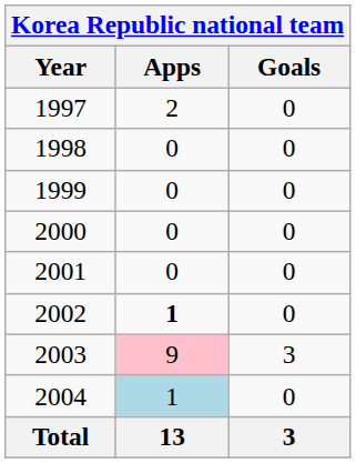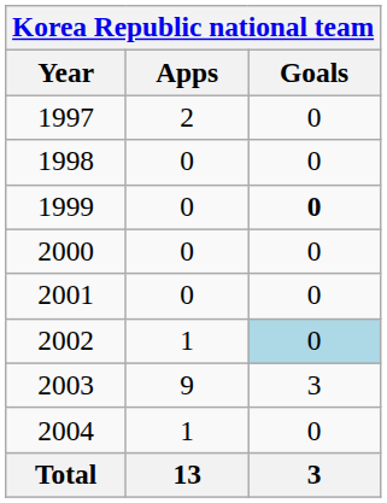 <table class="wikitable" style="text-align:center">
 <tr>
 <th colspan=3><a href='#'>Korea Republic national team</a></th>
 </tr>
 <tr>
 <th>Year</th>
 <th>Apps</th>
 <th>Goals</th>
 </tr>
 <tr>
 <td>1997</td>
 <td>2</td>
 <td>0</td>
 </tr>
 <tr>
 <td>1998</td>
 <td>0</td>
 <td>0</td>
 </tr>
 <tr>
 <td>1999</td>
 <td>0</td>
-<td>0</td>
+<td><strong>0</strong></td>
 </tr>
 <tr>
 <td>2000</td>
 <td>0</td>
 <td>0</td>
 </tr>
 <tr>
 <td>2001</td>
 <td>0</td>
 <td>0</td>
 </tr>
 <tr>
 <td>2002</td>
-<td><strong>1</strong></td>
-<td>0</td>
+<td>1</td>
+<td style="background: lightblue;">0</td>
 </tr>
 <tr>
 <td>2003</td>
-<td style="background: pink;">9</td>
+<td>9</td>
 <td>3</td>
 </tr>
 <tr>
 <td>2004</td>
-<td style="background: lightblue;">1</td>
+<td>1</td>
 <td>0</td>
 </tr>
 <tr>
 <th>Total</th>
 <th>13</th>
 <th>3</th>
 </tr>
 </table>
